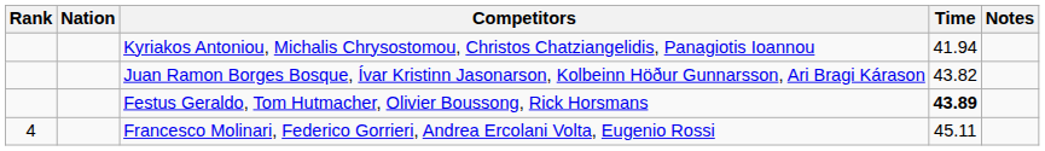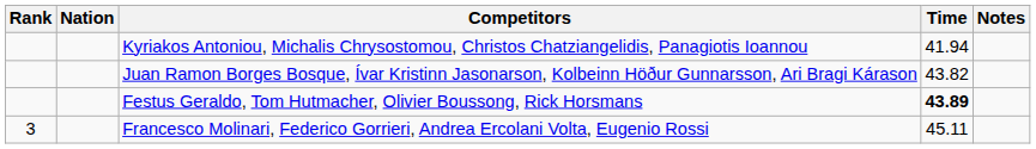 <table class="wikitable sortable" style="text-align:center">
 <tr>
 <th>Rank</th>
 <th>Nation</th>
 <th>Competitors</th>
 <th>Time</th>
 <th>Notes</th>
 </tr>
 <tr>
 <td></td>
 <td align="left"></td>
 <td align="left"><a href='#'>Kyriakos Antoniou</a>, <a href='#'>Michalis Chrysostomou</a>, <a href='#'>Christos Chatziangelidis</a>, <a href='#'>Panagiotis Ioannou</a></td>
 <td>41.94</td>
 <td></td>
 </tr>
 <tr>
 <td></td>
 <td align="left"></td>
 <td align="left"><a href='#'>Juan Ramon Borges Bosque</a>, <a href='#'>Ívar Kristinn Jasonarson</a>, <a href='#'>Kolbeinn Höður Gunnarsson</a>, <a href='#'>Ari Bragi Kárason</a></td>
 <td>43.82</td>
 <td></td>
 </tr>
 <tr>
 <td></td>
 <td align="left"></td>
 <td align="left"><a href='#'>Festus Geraldo</a>, <a href='#'>Tom Hutmacher</a>, <a href='#'>Olivier Boussong</a>, <a href='#'>Rick Horsmans</a></td>
 <td><strong>43.89</strong></td>
 <td></td>
 </tr>
 <tr>
-<td>4</td>
+<td>3</td>
 <td align="left"></td>
 <td align="left"><a href='#'>Francesco Molinari</a>, <a href='#'>Federico Gorrieri</a>, <a href='#'>Andrea Ercolani Volta</a>, <a href='#'>Eugenio Rossi</a></td>
 <td>45.11</td>
 <td></td>
 </tr>
 </table>
